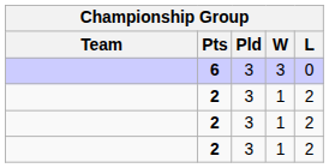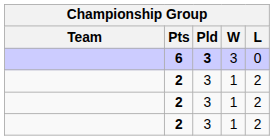 <table class="wikitable" style="text-align:center; width:35%">
 <tr>
 <th colspan="5">Championship Group</th>
 </tr>
 <tr>
 <th width=175>Team</th>
 <th width=20  abbr="Points">Pts</th>
 <th width=20  abbr="Played">Pld</th>
 <th width=20  abbr="Won">W</th>
 <th width=20  abbr="Lost">L</th>
 </tr>
 <tr bgcolor=CCCCFF>
 <td style="text-align:left;"><strong></strong></td>
 <td><strong>6</strong></td>
-<td>3</td>
+<td><strong>3</strong></td>
 <td>3</td>
 <td>0</td>
 </tr>
 <tr>
 <td style="text-align:left;"></td>
 <td><strong>2</strong></td>
 <td>3</td>
 <td>1</td>
 <td>2</td>
 </tr>
 <tr>
 <td style="text-align:left;"></td>
 <td><strong>2</strong></td>
 <td>3</td>
 <td>1</td>
 <td>2</td>
 </tr>
 <tr>
 <td style="text-align:left;"></td>
 <td><strong>2</strong></td>
 <td>3</td>
 <td>1</td>
 <td>2</td>
 </tr>
 </table>
